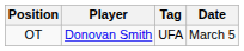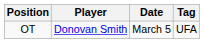 <table class="wikitable" style="text-align:center">
 <tr>
 <th>Position</th>
 <th>Player</th>
+<th>Date</th>
 <th>Tag</th>
-<th>Date</th>
 </tr>
 <tr>
 <td>OT</td>
 <td><a href='#'>Donovan Smith</a></td>
+<td>March 5</td>
 <td>UFA</td>
-<td>March 5</td>
 </tr>
 </table>
